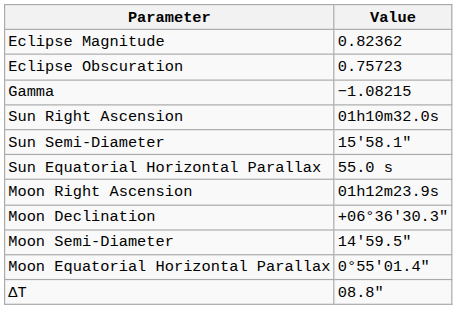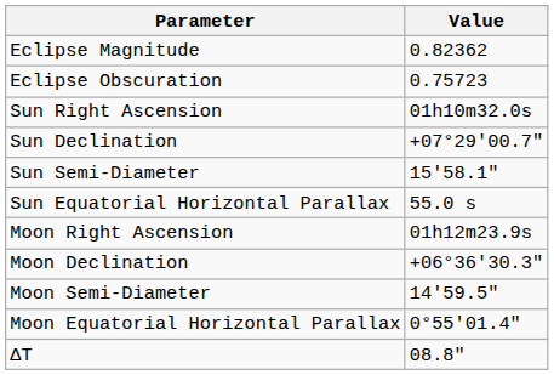 <table class="wikitable">
 <tr>
 <th>Parameter</th>
 <th>Value</th>
 </tr>
 <tr>
 <td>Eclipse Magnitude</td>
 <td>0.82362</td>
 </tr>
 <tr>
 <td>Eclipse Obscuration</td>
 <td>0.75723</td>
 </tr>
 <tr>
-<td>Gamma</td>
-<td>−1.08215</td>
+<td>Sun Right Ascension</td>
+<td>01h10m32.0s</td>
 </tr>
 <tr>
-<td>Sun Right Ascension</td>
-<td>01h10m32.0s</td>
+<td>Sun Declination</td>
+<td>+07°29'00.7"</td>
 </tr>
 <tr>
 <td>Sun Semi-Diameter</td>
 <td>15'58.1"</td>
 </tr>
 <tr>
 <td>Sun Equatorial Horizontal Parallax</td>
 <td>55.0 s</td>
 </tr>
 <tr>
 <td>Moon Right Ascension</td>
 <td>01h12m23.9s</td>
 </tr>
 <tr>
 <td>Moon Declination</td>
 <td>+06°36'30.3"</td>
 </tr>
 <tr>
 <td>Moon Semi-Diameter</td>
 <td>14'59.5"</td>
 </tr>
 <tr>
 <td>Moon Equatorial Horizontal Parallax</td>
 <td>0°55'01.4"</td>
 </tr>
 <tr>
 <td>ΔT</td>
 <td>08.8"</td>
 </tr>
 </table>
